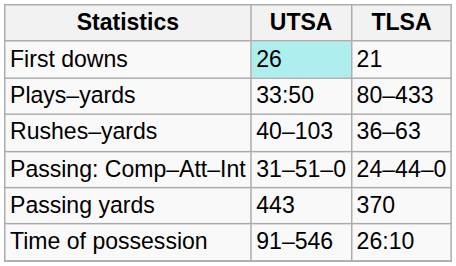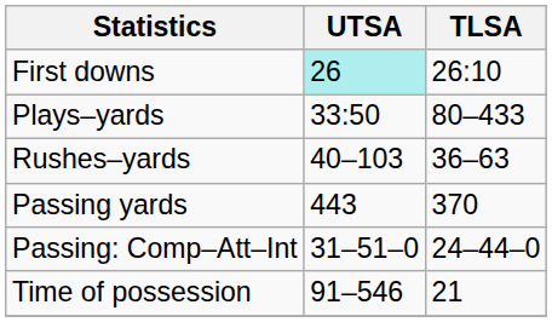 <table class="wikitable" style="float: left;">
 <tr>
 <th>Statistics</th>
 <th>UTSA</th>
 <th>TLSA</th>
 </tr>
 <tr>
 <td>First downs</td>
 <td style="background: paleturquoise;">26</td>
-<td>21</td>
+<td>26:10</td>
 </tr>
 <tr>
 <td>Plays–yards</td>
 <td>33:50</td>
 <td>80–433</td>
 </tr>
 <tr>
 <td>Rushes–yards</td>
 <td>40–103</td>
 <td>36–63</td>
 </tr>
 <tr>
+<td>Passing yards</td>
+<td>443</td>
+<td>370</td>
+</tr>
+<tr>
 <td>Passing: Comp–Att–Int</td>
 <td>31–51–0</td>
 <td>24–44–0</td>
 </tr>
 <tr>
-<td>Passing yards</td>
-<td>443</td>
-<td>370</td>
-</tr>
-<tr>
 <td>Time of possession</td>
 <td>91–546</td>
-<td>26:10</td>
+<td>21</td>
 </tr>
 <tr>
 </tr>
 </table>
